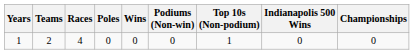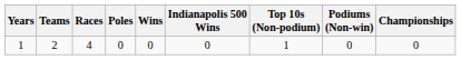 <table class="wikitable" style="text-align:center; font-size:95%">
 <tr>
 <th>Years</th>
 <th>Teams</th>
 <th>Races</th>
 <th>Poles</th>
 <th>Wins</th>
+<th>Indianapolis 500<br>Wins</th>
+<th>Top 10s<br>(Non-podium)</th>
 <th>Podiums<br>(Non-win)</th>
-<th>Top 10s<br>(Non-podium)</th>
-<th>Indianapolis 500<br>Wins</th>
 <th>Championships</th>
 </tr>
 <tr>
 <td>1</td>
 <td>2</td>
 <td>4</td>
 <td>0</td>
 <td>0</td>
 <td>0</td>
 <td>1</td>
 <td>0</td>
 <td>0</td>
 </tr>
 </table>
